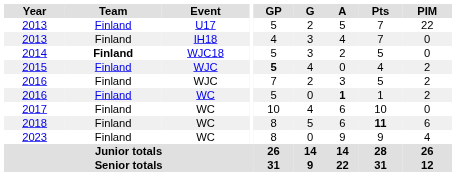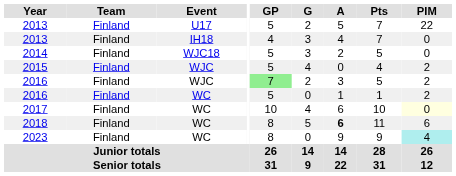 <table border="0" cellpadding="1" cellspacing="0" ID="Table3" style="text-align:center; width:40em;">
 <tr bgcolor="#e0e0e0">
 <th>Year</th>
 <th>Team</th>
 <th>Event</th>
 <th rowspan="102" bgcolor="#ffffff"></th>
 <th>GP</th>
 <th>G</th>
 <th>A</th>
 <th>Pts</th>
 <th>PIM</th>
 </tr>
 <tr>
 <td><a href='#'>2013</a></td>
 <td><a href='#'>Finland</a></td>
 <td><a href='#'>U17</a></td>
 <td>5</td>
 <td>2</td>
 <td>5</td>
 <td>7</td>
 <td>22</td>
 </tr>
 <tr bgcolor="#f0f0f0">
 <td><a href='#'>2013</a></td>
 <td>Finland</td>
 <td><a href='#'>IH18</a></td>
 <td>4</td>
 <td>3</td>
 <td>4</td>
 <td>7</td>
 <td>0</td>
 </tr>
 <tr>
 <td><a href='#'>2014</a></td>
-<td><strong>Finland</strong></td>
+<td>Finland</td>
 <td><a href='#'>WJC18</a></td>
 <td>5</td>
 <td>3</td>
 <td>2</td>
 <td>5</td>
 <td>0</td>
 </tr>
 <tr bgcolor="#f0f0f0">
 <td><a href='#'>2015</a></td>
 <td><a href='#'>Finland</a></td>
 <td><a href='#'>WJC</a></td>
-<td><strong>5</strong></td>
+<td>5</td>
 <td>4</td>
 <td>0</td>
 <td>4</td>
 <td>2</td>
 </tr>
 <tr>
 <td><a href='#'>2016</a></td>
 <td>Finland</td>
 <td>WJC</td>
-<td>7</td>
+<td style="background: lightgreen;">7</td>
 <td>2</td>
 <td>3</td>
 <td>5</td>
 <td>2</td>
 </tr>
 <tr bgcolor="#f0f0f0">
 <td><a href='#'>2016</a></td>
 <td><a href='#'>Finland</a></td>
 <td><a href='#'>WC</a></td>
 <td>5</td>
 <td>0</td>
-<td><strong>1</strong></td>
+<td>1</td>
 <td>1</td>
 <td>2</td>
 </tr>
 <tr>
 <td><a href='#'>2017</a></td>
 <td>Finland</td>
 <td>WC</td>
 <td>10</td>
 <td>4</td>
 <td>6</td>
 <td>10</td>
-<td>0</td>
+<td style="background: lightyellow;">0</td>
 </tr>
 <tr bgcolor="#f0f0f0">
 <td><a href='#'>2018</a></td>
 <td>Finland</td>
 <td>WC</td>
 <td>8</td>
 <td>5</td>
-<td>6</td>
-<td><strong>11</strong></td>
+<td><strong>6</strong></td>
+<td>11</td>
 <td>6</td>
 </tr>
 <tr>
 <td><a href='#'>2023</a></td>
 <td>Finland</td>
 <td>WC</td>
 <td>8</td>
 <td>0</td>
 <td>9</td>
 <td>9</td>
-<td>4</td>
+<td style="background: paleturquoise;">4</td>
 </tr>
 <tr bgcolor="#e0e0e0">
 <th colspan="4">Junior totals</th>
 <th>26</th>
 <th>14</th>
 <th>14</th>
 <th>28</th>
 <th>26</th>
 </tr>
 <tr bgcolor="#e0e0e0">
 <th colspan="4">Senior totals</th>
 <th>31</th>
 <th>9</th>
 <th>22</th>
 <th>31</th>
 <th>12</th>
 </tr>
 </table>
